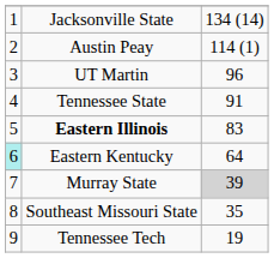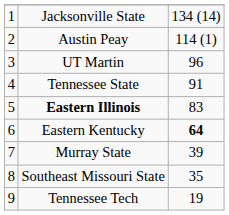 <table class="wikitable" style="display: inline-table;">
 <tr align="center">
 </tr>
 <tr align="center">
 <td>1</td>
 <td>Jacksonville State</td>
 <td>134 (14)</td>
 </tr>
 <tr align="center">
 <td>2</td>
 <td>Austin Peay</td>
 <td>114 (1)</td>
 </tr>
 <tr align="center">
 <td>3</td>
 <td>UT Martin</td>
 <td>96</td>
 </tr>
 <tr align="center">
 <td>4</td>
 <td>Tennessee State</td>
 <td>91</td>
 </tr>
 <tr align="center">
 <td>5</td>
 <td><strong>Eastern Illinois</strong></td>
 <td>83</td>
 </tr>
 <tr align="center">
-<td style="background: paleturquoise;">6</td>
+<td>6</td>
 <td>Eastern Kentucky</td>
-<td>64</td>
+<td><strong>64</strong></td>
 </tr>
 <tr align="center">
 <td>7</td>
 <td>Murray State</td>
-<td style="background: lightgrey;">39</td>
+<td>39</td>
 </tr>
 <tr align="center">
 <td>8</td>
 <td>Southeast Missouri State</td>
 <td>35</td>
 </tr>
 <tr align="center">
 <td>9</td>
 <td>Tennessee Tech</td>
 <td>19</td>
 </tr>
 </table>
